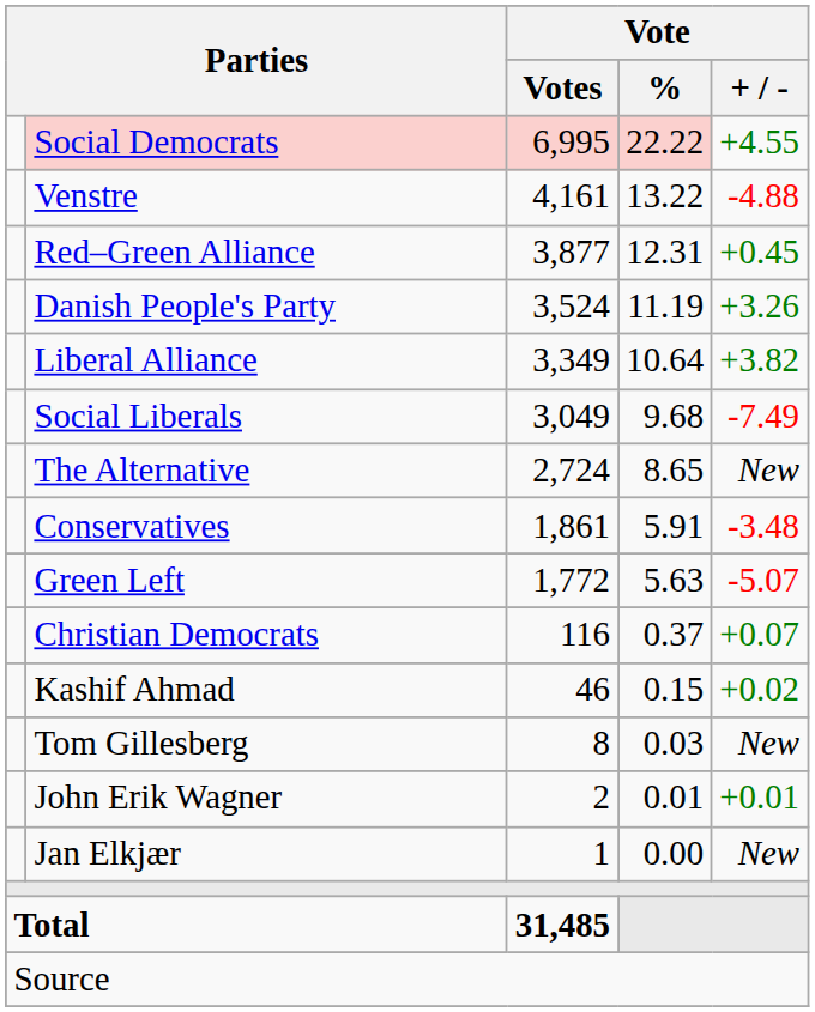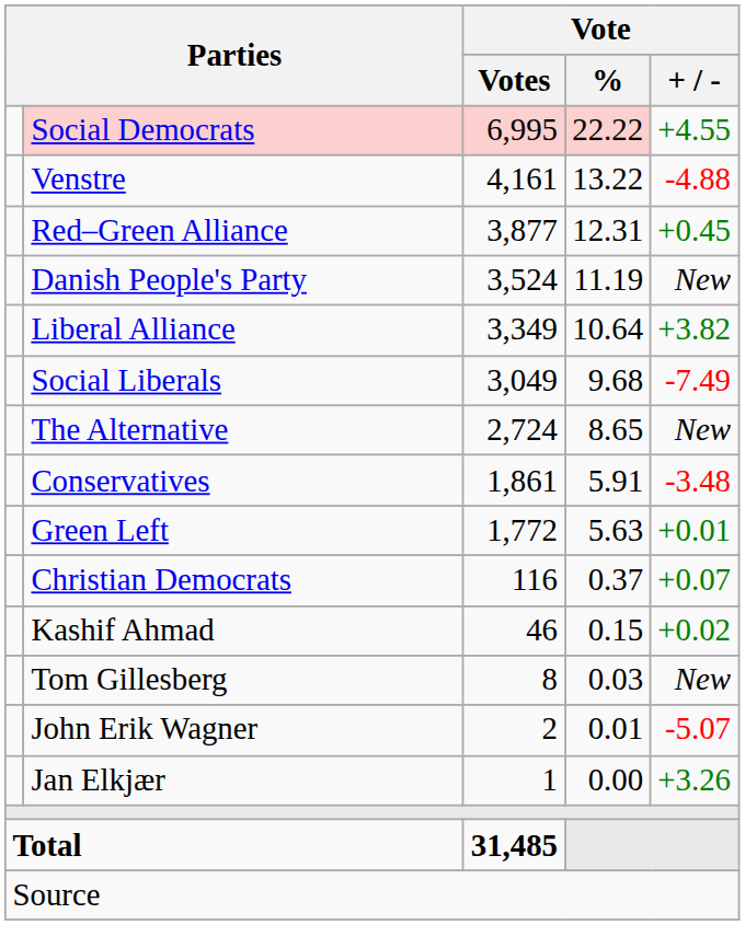 <table class="wikitable" style="text-align:right;">
 <tr>
 <th style="text-align:centre;" rowspan="2" colspan="2" width="225">Parties</th>
 <th colspan="3">Vote</th>
 </tr>
 <tr>
 <th width="15">Votes</th>
 <th width="15">%</th>
 <th width="15">+ / -</th>
 </tr>
 <tr>
 <td width="2" style="color:inherit;background:"></td>
 <td bgcolor=#fbd0ce  align="left"><a href='#'>Social Democrats</a></td>
 <td bgcolor=#fbd0ce>6,995</td>
 <td bgcolor=#fbd0ce>22.22</td>
 <td style=color:green;>+4.55</td>
 </tr>
 <tr>
 <td width="2" style="color:inherit;background:"></td>
 <td align="left"><a href='#'>Venstre</a></td>
 <td>4,161</td>
 <td>13.22</td>
 <td style=color:red;>-4.88</td>
 </tr>
 <tr>
 <td width="2" style="color:inherit;background:"></td>
 <td align="left"><a href='#'>Red–Green Alliance</a></td>
 <td>3,877</td>
 <td>12.31</td>
 <td style=color:green;>+0.45</td>
 </tr>
 <tr>
 <td width="2" style="color:inherit;background:"></td>
 <td align="left"><a href='#'>Danish People's Party</a></td>
 <td>3,524</td>
 <td>11.19</td>
-<td style=color:green;>+3.26</td>
+<td><em>New</em></td>
 </tr>
 <tr>
 <td width="2" style="color:inherit;background:"></td>
 <td align="left"><a href='#'>Liberal Alliance</a></td>
 <td>3,349</td>
 <td>10.64</td>
 <td style=color:green;>+3.82</td>
 </tr>
 <tr>
 <td width="2" style="color:inherit;background:"></td>
 <td align="left"><a href='#'>Social Liberals</a></td>
 <td>3,049</td>
 <td>9.68</td>
 <td style=color:red;>-7.49</td>
 </tr>
 <tr>
 <td width="2" style="color:inherit;background:"></td>
 <td align="left"><a href='#'>The Alternative</a></td>
 <td>2,724</td>
 <td>8.65</td>
 <td><em>New</em></td>
 </tr>
 <tr>
 <td width="2" style="color:inherit;background:"></td>
 <td align="left"><a href='#'>Conservatives</a></td>
 <td>1,861</td>
 <td>5.91</td>
 <td style=color:red;>-3.48</td>
 </tr>
 <tr>
 <td width="2" style="color:inherit;background:"></td>
 <td align="left"><a href='#'>Green Left</a></td>
 <td>1,772</td>
 <td>5.63</td>
-<td style=color:red;>-5.07</td>
+<td style=color:green;>+0.01</td>
 </tr>
 <tr>
 <td width="2" style="color:inherit;background:"></td>
 <td align="left"><a href='#'>Christian Democrats</a></td>
 <td>116</td>
 <td>0.37</td>
 <td style=color:green;>+0.07</td>
 </tr>
 <tr>
 <td width="2" style="color:inherit;background:"></td>
 <td align="left">Kashif Ahmad</td>
 <td>46</td>
 <td>0.15</td>
 <td style=color:green;>+0.02</td>
 </tr>
 <tr>
 <td width="2" style="color:inherit;background:"></td>
 <td align="left">Tom Gillesberg</td>
 <td>8</td>
 <td>0.03</td>
 <td><em>New</em></td>
 </tr>
 <tr>
 <td width="2" style="color:inherit;background:"></td>
 <td align="left">John Erik Wagner</td>
 <td>2</td>
 <td>0.01</td>
-<td style=color:green;>+0.01</td>
+<td style=color:red;>-5.07</td>
 </tr>
 <tr>
 <td width="2" style="color:inherit;background:"></td>
 <td align="left">Jan Elkjær</td>
 <td>1</td>
 <td>0.00</td>
-<td><em>New</em></td>
+<td style=color:green;>+3.26</td>
 </tr>
 <tr>
 <td colspan="7" bgcolor="#E9E9E9"></td>
 </tr>
 <tr>
 <td align="left" colspan="2"><strong>Total</strong></td>
 <td><strong>31,485</strong></td>
 <td bgcolor="#E9E9E9" colspan="2"></td>
 </tr>
 <tr>
 <td align="left" colspan="6">Source</td>
 </tr>
 </table>
